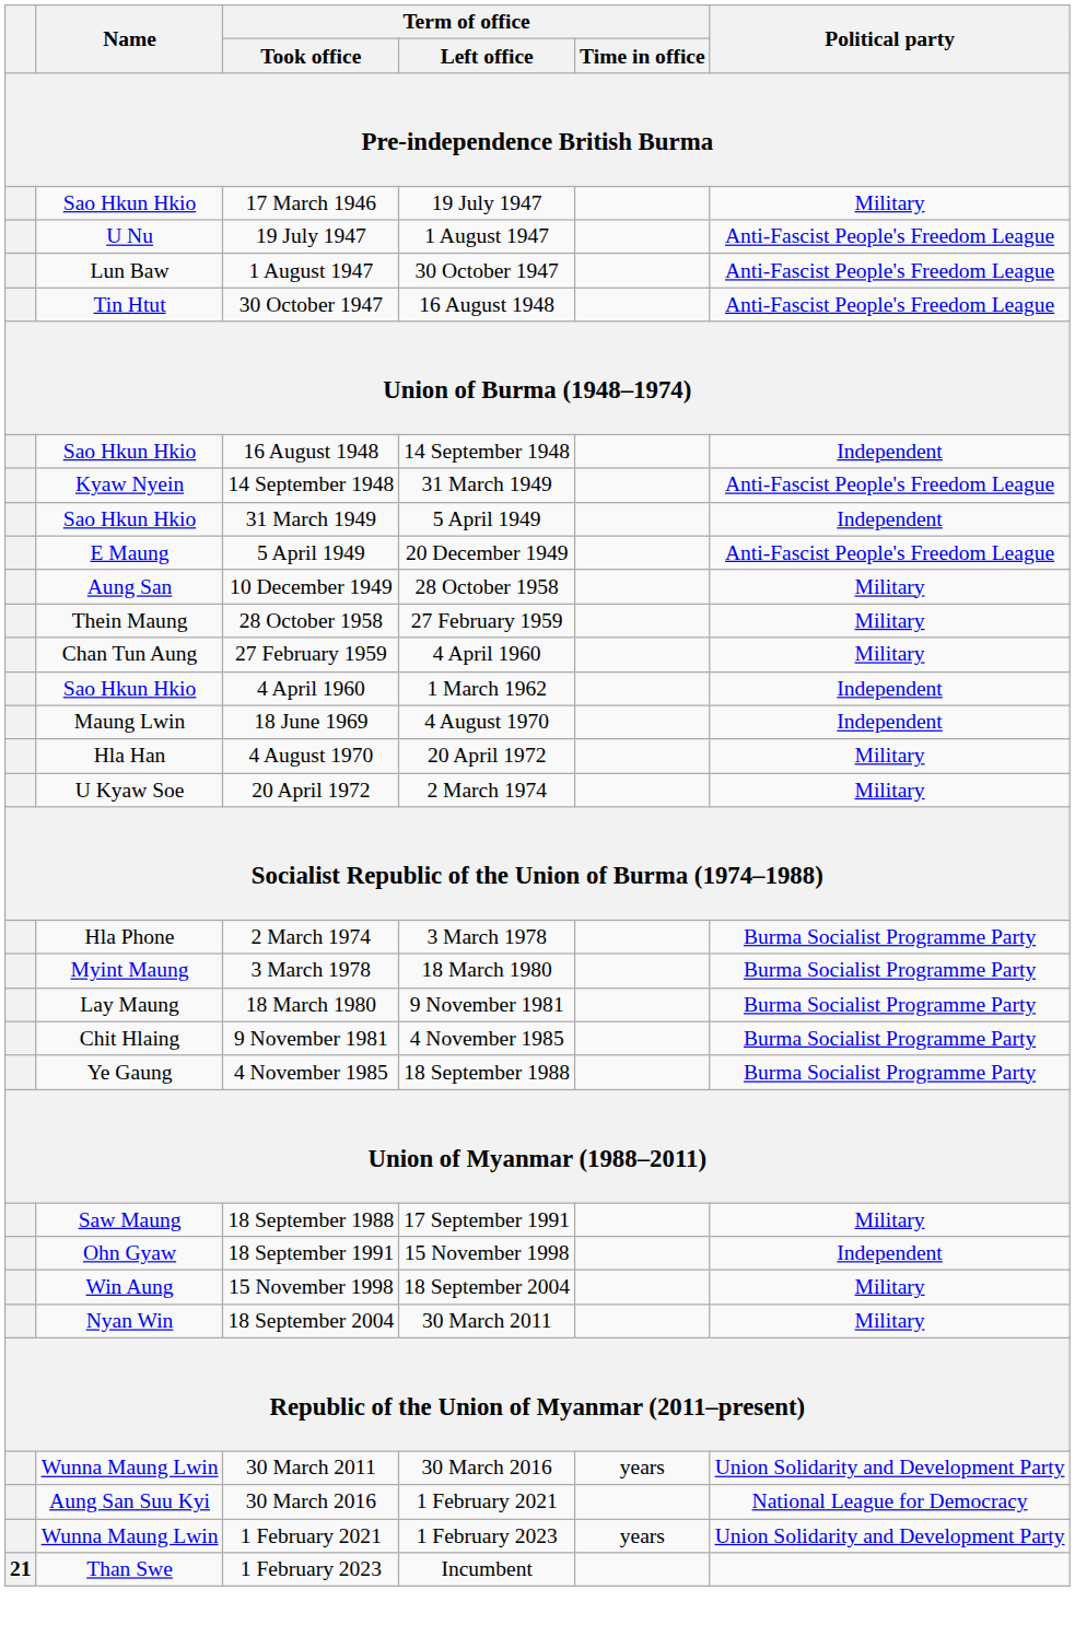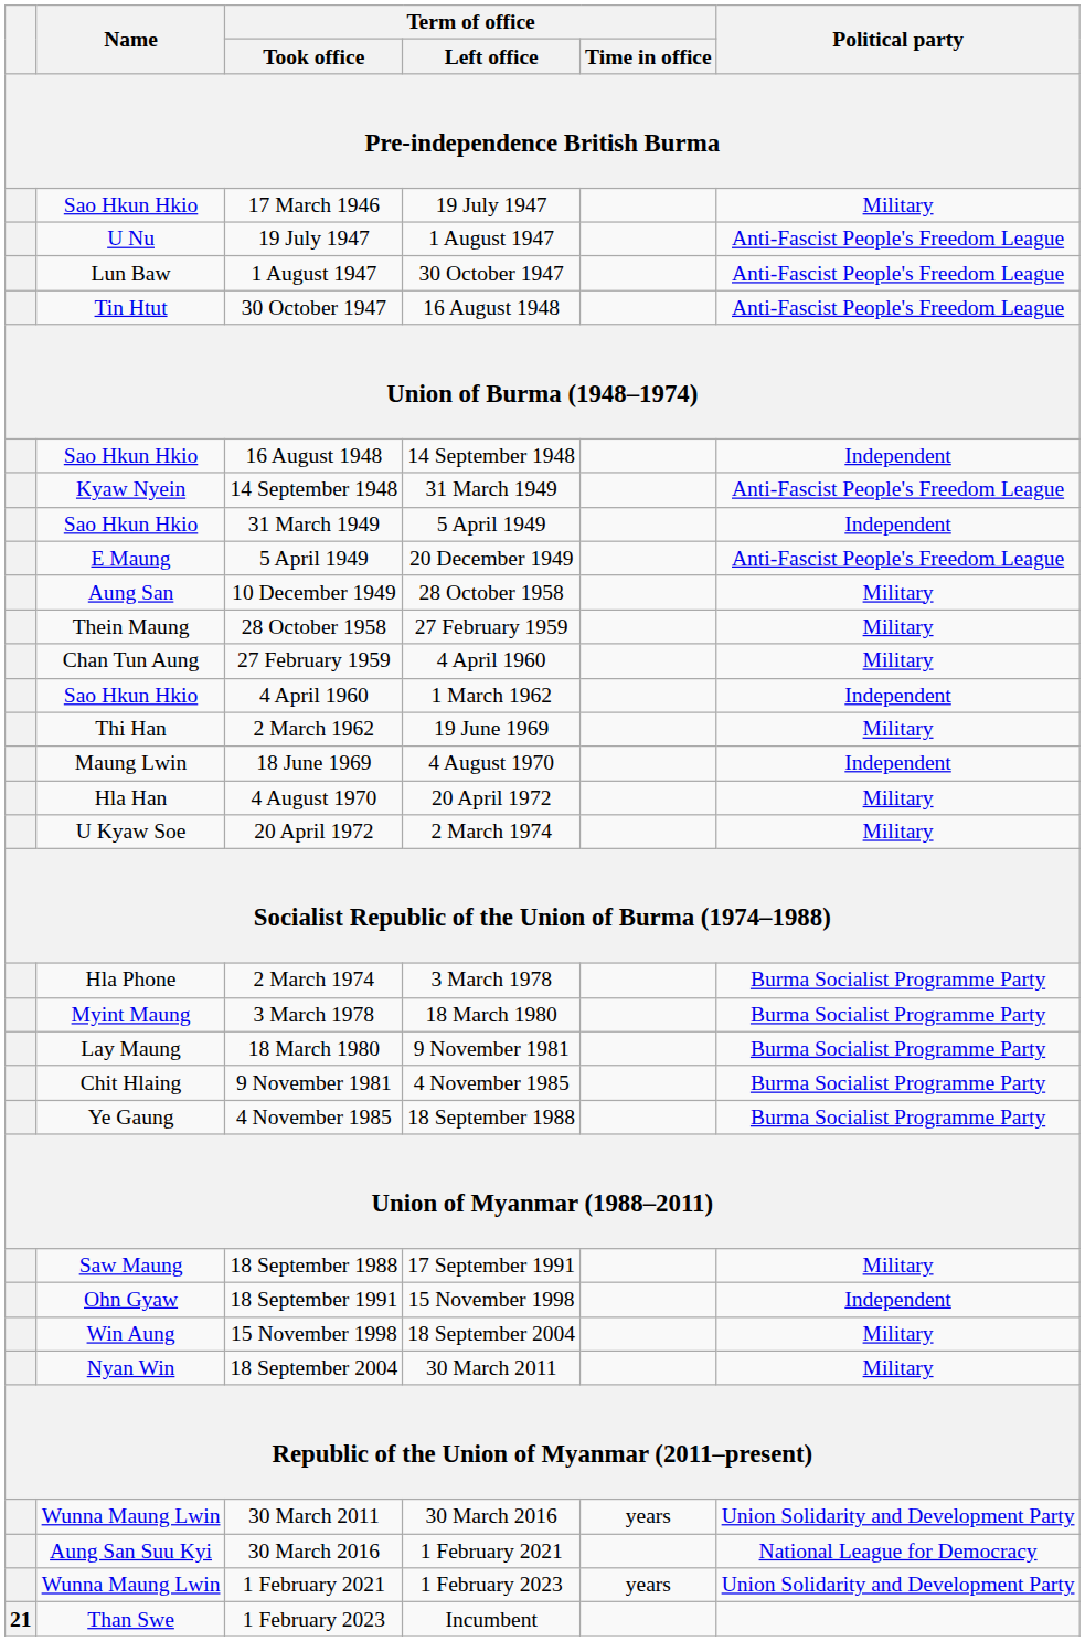 <table class="wikitable" style="text-align:center">
 <tr>
 <th rowspan="2"></th>
 <th rowspan="2">Name</th>
 <th colspan="3">Term of office</th>
 <th rowspan="2">Political party</th>
 </tr>
 <tr>
 <th>Took office</th>
 <th>Left office</th>
 <th>Time in office</th>
 </tr>
 <tr>
 <th colspan="6"><br><h3>Pre-independence British Burma</h3></th>
 </tr>
 <tr>
 <th style="background:"></th>
 <td><a href='#'>Sao Hkun Hkio</a></td>
 <td>17 March 1946</td>
 <td>19 July 1947</td>
 <td></td>
 <td><a href='#'>Military</a></td>
 </tr>
 <tr>
 <th style="background:"></th>
 <td><a href='#'>U Nu</a></td>
 <td>19 July 1947</td>
 <td>1 August 1947</td>
 <td></td>
 <td><a href='#'>Anti-Fascist People's Freedom League</a></td>
 </tr>
 <tr>
 <th style="background:"></th>
 <td>Lun Baw</td>
 <td>1 August 1947</td>
 <td>30 October 1947</td>
 <td></td>
 <td><a href='#'>Anti-Fascist People's Freedom League</a></td>
 </tr>
 <tr>
 <th style="background:"></th>
 <td><a href='#'>Tin Htut</a></td>
 <td>30 October 1947</td>
 <td>16 August 1948</td>
 <td></td>
 <td><a href='#'>Anti-Fascist People's Freedom League</a></td>
 </tr>
 <tr>
 <th colspan="6"><br><h3>Union of Burma (1948–1974)</h3></th>
 </tr>
 <tr>
 <th style="background:"></th>
 <td><a href='#'>Sao Hkun Hkio</a></td>
 <td>16 August 1948</td>
 <td>14 September 1948</td>
 <td></td>
 <td><a href='#'>Independent</a></td>
 </tr>
 <tr>
 <th style="background:"></th>
 <td><a href='#'>Kyaw Nyein</a></td>
 <td>14 September 1948</td>
 <td>31 March 1949</td>
 <td></td>
 <td><a href='#'>Anti-Fascist People's Freedom League</a></td>
 </tr>
 <tr>
 <th style="background:"></th>
 <td><a href='#'>Sao Hkun Hkio</a></td>
 <td>31 March 1949</td>
 <td>5 April 1949</td>
 <td></td>
 <td><a href='#'>Independent</a></td>
 </tr>
 <tr>
 <th style="background:"></th>
 <td><a href='#'>E Maung</a></td>
 <td>5 April 1949</td>
 <td>20 December 1949</td>
 <td></td>
 <td><a href='#'>Anti-Fascist People's Freedom League</a></td>
 </tr>
 <tr>
 <th style="background:"></th>
 <td><a href='#'>Aung San</a></td>
 <td>10 December 1949</td>
 <td>28 October 1958</td>
 <td></td>
 <td><a href='#'>Military</a></td>
 </tr>
 <tr>
 <th style="background:"></th>
 <td>Thein Maung</td>
 <td>28 October 1958</td>
 <td>27 February 1959</td>
 <td></td>
 <td><a href='#'>Military</a></td>
 </tr>
 <tr>
 <th style="background:"></th>
 <td>Chan Tun Aung</td>
 <td>27 February 1959</td>
 <td>4 April 1960</td>
 <td></td>
 <td><a href='#'>Military</a></td>
 </tr>
 <tr>
 <th style="background:"></th>
 <td><a href='#'>Sao Hkun Hkio</a></td>
 <td>4 April 1960</td>
 <td>1 March 1962</td>
 <td></td>
 <td><a href='#'>Independent</a></td>
+</tr>
+<tr>
+<th style="background:"></th>
+<td>Thi Han</td>
+<td>2 March 1962</td>
+<td>19 June 1969</td>
+<td></td>
+<td><a href='#'>Military</a></td>
 </tr>
 <tr>
 <th style="background:"></th>
 <td>Maung Lwin</td>
 <td>18 June 1969</td>
 <td>4 August 1970</td>
 <td></td>
 <td><a href='#'>Independent</a></td>
 </tr>
 <tr>
 <th style="background:"></th>
 <td>Hla Han</td>
 <td>4 August 1970</td>
 <td>20 April 1972</td>
 <td></td>
 <td><a href='#'>Military</a></td>
 </tr>
 <tr>
 <th style="background:"></th>
 <td>U Kyaw Soe</td>
 <td>20 April 1972</td>
 <td>2 March 1974</td>
 <td></td>
 <td><a href='#'>Military</a></td>
 </tr>
 <tr>
 <th colspan="6"><br><h3>Socialist Republic of the Union of Burma (1974–1988)</h3></th>
 </tr>
 <tr>
 <th style="background:"></th>
 <td>Hla Phone</td>
 <td>2 March 1974</td>
 <td>3 March 1978</td>
 <td></td>
 <td><a href='#'>Burma Socialist Programme Party</a></td>
 </tr>
 <tr>
 <th style="background:"></th>
 <td><a href='#'>Myint Maung</a></td>
 <td>3 March 1978</td>
 <td>18 March 1980</td>
 <td></td>
 <td><a href='#'>Burma Socialist Programme Party</a></td>
 </tr>
 <tr>
 <th style="background:"></th>
 <td>Lay Maung</td>
 <td>18 March 1980</td>
 <td>9 November 1981</td>
 <td></td>
 <td><a href='#'>Burma Socialist Programme Party</a></td>
 </tr>
 <tr>
 <th style="background:"></th>
 <td>Chit Hlaing</td>
 <td>9 November 1981</td>
 <td>4 November 1985</td>
 <td></td>
 <td><a href='#'>Burma Socialist Programme Party</a></td>
 </tr>
 <tr>
 <th style="background:"></th>
 <td>Ye Gaung</td>
 <td>4 November 1985</td>
 <td>18 September 1988</td>
 <td></td>
 <td><a href='#'>Burma Socialist Programme Party</a></td>
 </tr>
 <tr>
 <th colspan="6"><br><h3>Union of Myanmar (1988–2011)</h3></th>
 </tr>
 <tr>
 <th style="background:"></th>
 <td><a href='#'>Saw Maung</a></td>
 <td>18 September 1988</td>
 <td>17 September 1991</td>
 <td></td>
 <td><a href='#'>Military</a></td>
 </tr>
 <tr>
 <th style="background:"></th>
 <td><a href='#'>Ohn Gyaw</a></td>
 <td>18 September 1991</td>
 <td>15 November 1998</td>
 <td></td>
 <td><a href='#'>Independent</a></td>
 </tr>
 <tr>
 <th style="background:"></th>
 <td><a href='#'>Win Aung</a></td>
 <td>15 November 1998</td>
 <td>18 September 2004</td>
 <td></td>
 <td><a href='#'>Military</a></td>
 </tr>
 <tr>
 <th style="background:"></th>
 <td><a href='#'>Nyan Win</a></td>
 <td>18 September 2004</td>
 <td>30 March 2011</td>
 <td></td>
 <td><a href='#'>Military</a></td>
 </tr>
 <tr>
 <th colspan="6"><br><h3>Republic of the Union of Myanmar (2011–present)</h3></th>
 </tr>
 <tr>
 <th style="background:"></th>
 <td><a href='#'>Wunna Maung Lwin</a></td>
 <td>30 March 2011</td>
 <td>30 March 2016</td>
 <td> years</td>
 <td><a href='#'>Union Solidarity and Development Party</a></td>
 </tr>
 <tr>
 <th style="background:"></th>
 <td><a href='#'>Aung San Suu Kyi</a></td>
 <td>30 March 2016</td>
 <td>1 February 2021</td>
 <td></td>
 <td><a href='#'>National League for Democracy</a></td>
 </tr>
 <tr>
 <th style="background:"></th>
 <td><a href='#'>Wunna Maung Lwin</a></td>
 <td>1 February 2021</td>
 <td>1 February 2023</td>
 <td> years</td>
 <td><a href='#'>Union Solidarity and Development Party</a></td>
 </tr>
 <tr>
 <th>21</th>
 <td><a href='#'>Than Swe</a></td>
 <td>1 February 2023</td>
 <td>Incumbent</td>
 <td></td>
 <td></td>
 </tr>
 </table>
